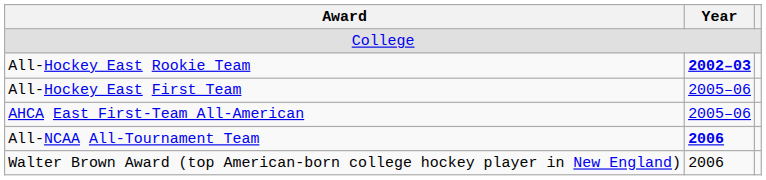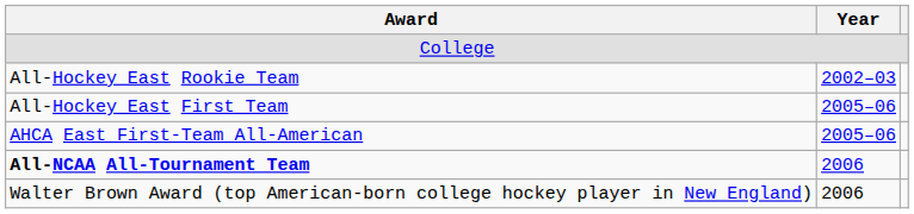 <table class="wikitable">
 <tr>
 <th>Award</th>
 <th>Year</th>
 <th></th>
 </tr>
 <tr ALIGN="center" bgcolor="#e0e0e0">
 <td colspan="3"><a href='#'>College</a></td>
 </tr>
 <tr>
 <td>All-<a href='#'>Hockey East</a> <a href='#'>Rookie Team</a></td>
-<td><strong><a href='#'>2002–03</a></strong></td>
+<td><a href='#'>2002–03</a></td>
 <td></td>
 </tr>
 <tr>
 <td>All-<a href='#'>Hockey East</a> <a href='#'>First Team</a></td>
 <td><a href='#'>2005–06</a></td>
 <td></td>
 </tr>
 <tr>
 <td><a href='#'>AHCA</a> <a href='#'>East First-Team All-American</a></td>
 <td><a href='#'>2005–06</a></td>
 <td></td>
 </tr>
 <tr>
-<td>All-<a href='#'>NCAA</a> <a href='#'>All-Tournament Team</a></td>
-<td><strong><a href='#'>2006</a></strong></td>
+<td><strong>All-<a href='#'>NCAA</a> <a href='#'>All-Tournament Team</a></strong></td>
+<td><a href='#'>2006</a></td>
 <td></td>
 </tr>
 <tr>
 <td>Walter Brown Award (top American-born college hockey player in <a href='#'>New England</a>)</td>
 <td>2006</td>
 <td></td>
 </tr>
 </table>
